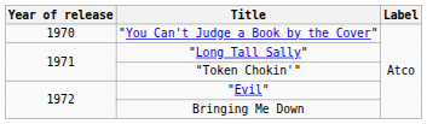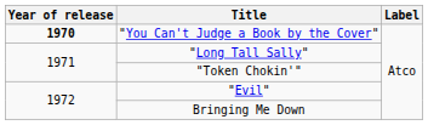 <table class="wikitable">
 <tr>
 <th>Year of release</th>
 <th>Title</th>
 <th>Label</th>
 </tr>
 <tr>
-<td align="center">1970</td>
+<td align="center"><strong>1970</strong></td>
 <td align="center">"<a href='#'>You Can't Judge a Book by the Cover</a>"</td>
 <td align="center" rowspan="5">Atco</td>
 </tr>
 <tr>
 <td align="center" rowspan="2">1971</td>
 <td align="center">"<a href='#'>Long Tall Sally</a>"</td>
 </tr>
 <tr>
 <td align="center">"Token Chokin'"</td>
 </tr>
 <tr>
 <td align="center" rowspan="2">1972</td>
 <td align="center">"<a href='#'>Evil</a>"</td>
 </tr>
 <tr>
 <td align="center">Bringing Me Down</td>
 </tr>
 </table>
